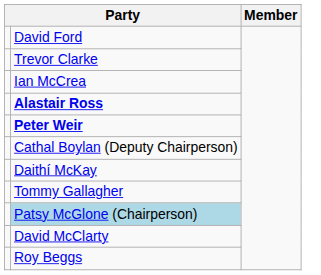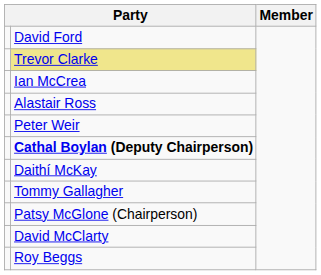 <table class="wikitable" border="1">
 <tr>
 <th colspan="2" scope="col">Party</th>
 <th scope="col">Member</th>
 </tr>
 <tr>
 <td></td>
 <td><a href='#'>David Ford</a></td>
 </tr>
 <tr>
 <td></td>
-<td><a href='#'>Trevor Clarke</a></td>
+<td style="background: khaki;"><a href='#'>Trevor Clarke</a></td>
 </tr>
 <tr>
 <td></td>
 <td><a href='#'>Ian McCrea</a></td>
 </tr>
 <tr>
 <td></td>
-<td><strong><a href='#'>Alastair Ross</a></strong></td>
+<td><a href='#'>Alastair Ross</a></td>
 </tr>
 <tr>
 <td></td>
-<td><strong><a href='#'>Peter Weir</a></strong></td>
+<td><a href='#'>Peter Weir</a></td>
 </tr>
 <tr>
 <td></td>
-<td><a href='#'>Cathal Boylan</a> (Deputy Chairperson)</td>
+<td><strong><a href='#'>Cathal Boylan</a> (Deputy Chairperson)</strong></td>
 </tr>
 <tr>
 <td></td>
 <td><a href='#'>Daithí McKay</a></td>
 </tr>
 <tr>
 <td></td>
 <td><a href='#'>Tommy Gallagher</a></td>
 </tr>
 <tr>
 <td></td>
-<td style="background: lightblue;"><a href='#'>Patsy McGlone</a> (Chairperson)</td>
+<td><a href='#'>Patsy McGlone</a> (Chairperson)</td>
 </tr>
 <tr>
 <td></td>
 <td><a href='#'>David McClarty</a></td>
 </tr>
 <tr>
 <td></td>
 <td><a href='#'>Roy Beggs</a></td>
 </tr>
 </table>
